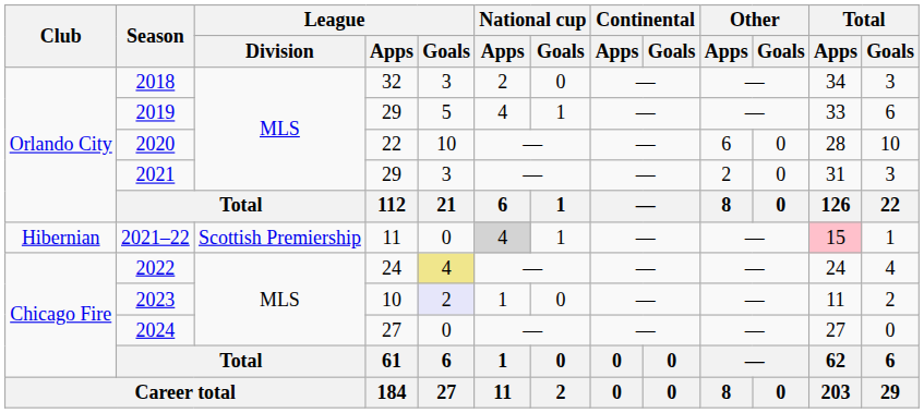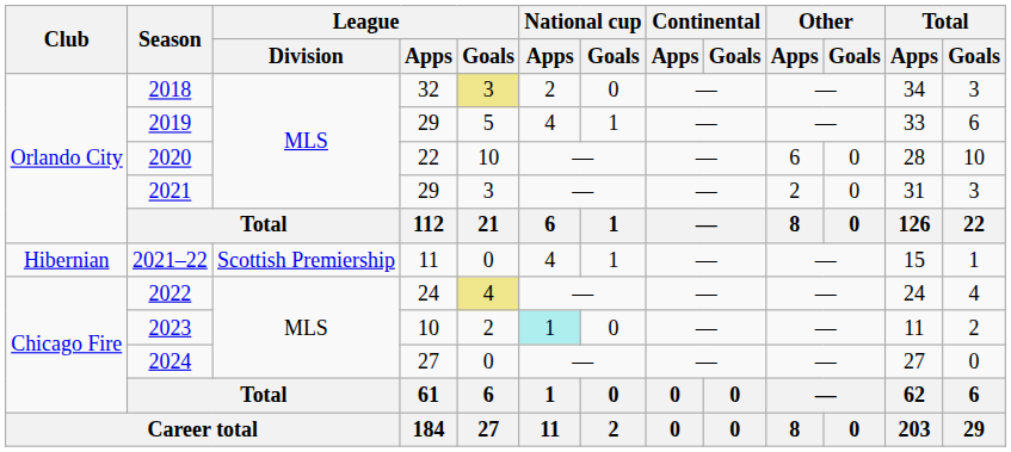 <table class="wikitable" style="text-align:center;">
 <tr>
 <th rowspan="2">Club</th>
 <th rowspan="2">Season</th>
 <th colspan="3">League</th>
 <th colspan="2">National cup</th>
 <th colspan="2">Continental</th>
 <th colspan="2">Other</th>
 <th colspan="2">Total</th>
 </tr>
 <tr>
 <th>Division</th>
 <th>Apps</th>
 <th>Goals</th>
 <th>Apps</th>
 <th>Goals</th>
 <th>Apps</th>
 <th>Goals</th>
 <th>Apps</th>
 <th>Goals</th>
 <th>Apps</th>
 <th>Goals</th>
 </tr>
 <tr>
 <td rowspan="5"><a href='#'>Orlando City</a></td>
 <td><a href='#'>2018</a></td>
 <td rowspan="4"><a href='#'>MLS</a></td>
 <td>32</td>
-<td>3</td>
+<td style="background: khaki;">3</td>
 <td>2</td>
 <td>0</td>
 <td colspan="2">—</td>
 <td colspan="2">—</td>
 <td>34</td>
 <td>3</td>
 </tr>
 <tr>
 <td><a href='#'>2019</a></td>
 <td>29</td>
 <td>5</td>
 <td>4</td>
 <td>1</td>
 <td colspan="2">—</td>
 <td colspan="2">—</td>
 <td>33</td>
 <td>6</td>
 </tr>
 <tr>
 <td><a href='#'>2020</a></td>
 <td>22</td>
 <td>10</td>
 <td colspan="2">—</td>
 <td colspan="2">—</td>
 <td>6</td>
 <td>0</td>
 <td>28</td>
 <td>10</td>
 </tr>
 <tr>
 <td><a href='#'>2021</a></td>
 <td>29</td>
 <td>3</td>
 <td colspan="2">—</td>
 <td colspan="2">—</td>
 <td>2</td>
 <td>0</td>
 <td>31</td>
 <td>3</td>
 </tr>
 <tr>
 <th colspan="2">Total</th>
 <th>112</th>
 <th>21</th>
 <th>6</th>
 <th>1</th>
 <th colspan="2">—</th>
 <th>8</th>
 <th>0</th>
 <th>126</th>
 <th>22</th>
 </tr>
 <tr>
 <td><a href='#'>Hibernian</a></td>
 <td><a href='#'>2021–22</a></td>
 <td><a href='#'>Scottish Premiership</a></td>
 <td>11</td>
 <td>0</td>
-<td style="background: lightgrey;">4</td>
+<td>4</td>
 <td>1</td>
 <td colspan="2">—</td>
 <td colspan="2">—</td>
-<td style="background: pink;">15</td>
+<td>15</td>
 <td>1</td>
 </tr>
 <tr>
 <td rowspan="4"><a href='#'>Chicago Fire</a></td>
 <td><a href='#'>2022</a></td>
 <td rowspan="3">MLS</td>
 <td>24</td>
 <td style="background: khaki;">4</td>
 <td colspan="2">—</td>
 <td colspan="2">—</td>
 <td colspan="2">—</td>
 <td>24</td>
 <td>4</td>
 </tr>
 <tr>
 <td><a href='#'>2023</a></td>
 <td>10</td>
-<td style="background: lavender;">2</td>
-<td>1</td>
+<td>2</td>
+<td style="background: paleturquoise;">1</td>
 <td>0</td>
 <td colspan=2>—</td>
 <td colspan=2>—</td>
 <td>11</td>
 <td>2</td>
 </tr>
 <tr>
 <td><a href='#'>2024</a></td>
 <td>27</td>
 <td>0</td>
 <td colspan=2>—</td>
 <td colspan=2>—</td>
 <td colspan=2>—</td>
 <td>27</td>
 <td>0</td>
 </tr>
 <tr>
 <th colspan="2">Total</th>
 <th>61</th>
 <th>6</th>
 <th>1</th>
 <th>0</th>
 <th>0</th>
 <th>0</th>
 <th colspan=2>—</th>
 <th>62</th>
 <th>6</th>
 </tr>
 <tr>
 <th colspan="3">Career total</th>
 <th>184</th>
 <th>27</th>
 <th>11</th>
 <th>2</th>
 <th>0</th>
 <th>0</th>
 <th>8</th>
 <th>0</th>
 <th>203</th>
 <th>29</th>
 </tr>
 </table>
